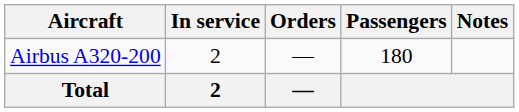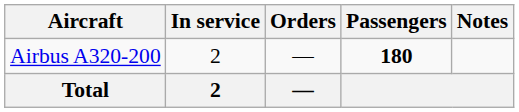 <table class="wikitable" style="margin:1em auto; border-collapse:collapse; text-align:center">
 <tr>
 <th>Aircraft</th>
 <th>In service</th>
 <th>Orders</th>
 <th>Passengers</th>
 <th>Notes</th>
 </tr>
 <tr>
 <td><a href='#'>Airbus A320-200</a></td>
 <td>2</td>
 <td>—</td>
-<td>180</td>
+<td><strong>180</strong></td>
 <td></td>
 </tr>
 <tr>
 <th>Total</th>
 <th>2</th>
 <th>—</th>
 <th colspan="2"></th>
 </tr>
 </table>
